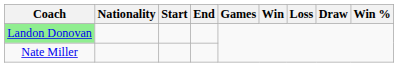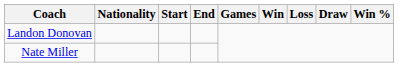 <table class="wikitable" style="text-align:center; margin-left: lem;">
 <tr>
 <th>Coach</th>
 <th>Nationality</th>
 <th>Start</th>
 <th>End</th>
 <th>Games</th>
 <th><strong>Win</strong></th>
 <th>Loss</th>
 <th>Draw</th>
 <th>Win %</th>
 </tr>
 <tr>
-<td style="background: lightgreen;"><a href='#'>Landon Donovan</a></td>
+<td><a href='#'>Landon Donovan</a></td>
 <td></td>
 <td></td>
 <td><br></td>
 </tr>
 <tr>
 <td><a href='#'>Nate Miller</a></td>
 <td></td>
 <td></td>
 <td><br></td>
 </tr>
 </table>
